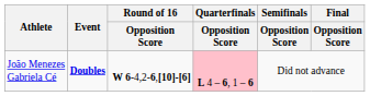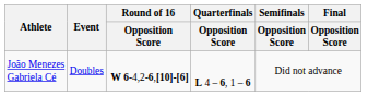 <table class="wikitable" style="font-size:90%">
 <tr>
 <th rowspan=2>Athlete</th>
 <th rowspan=2>Event</th>
 <th>Round of 16</th>
 <th>Quarterfinals</th>
 <th>Semifinals</th>
 <th colspan=2>Final</th>
 </tr>
 <tr>
 <th>Opposition<br>Score</th>
 <th>Opposition<br>Score</th>
 <th>Opposition<br>Score</th>
 <th>Opposition<br>Score</th>
 </tr>
 <tr>
 <td><a href='#'>João Menezes</a><br><a href='#'>Gabriela Cé</a></td>
-<td><strong><a href='#'>Doubles</a></strong></td>
+<td><a href='#'>Doubles</a></td>
 <td><br> <strong>W</strong> <strong>6</strong>-4,2-<strong>6</strong>,<strong>[10]-[6]</strong></td>
-<td align=center style="background: pink;"><br> <br><strong>L</strong> 4 – <strong>6</strong>, 1 – <strong>6</strong></td>
+<td align=center><br> <br><strong>L</strong> 4 – <strong>6</strong>, 1 – <strong>6</strong></td>
 <td align=center colspan=4>Did not advance</td>
 </tr>
 </table>
